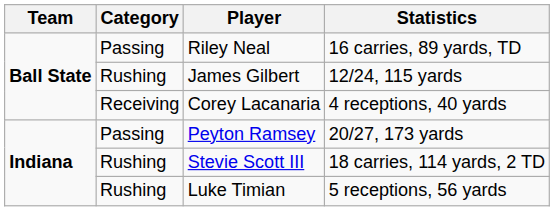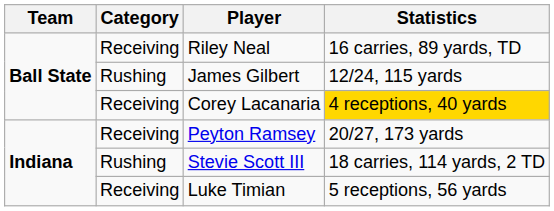 <table class="wikitable" style="float: right;">
 <tr>
 <th>Team</th>
 <th>Category</th>
 <th>Player</th>
 <th>Statistics</th>
 </tr>
 <tr>
 <td rowspan=3><strong>Ball State</strong></td>
-<td>Passing</td>
+<td>Receiving</td>
 <td>Riley Neal</td>
 <td>16 carries, 89 yards, TD</td>
 </tr>
 <tr>
 <td>Rushing</td>
 <td>James Gilbert</td>
 <td>12/24, 115 yards</td>
 </tr>
 <tr>
 <td>Receiving</td>
 <td>Corey Lacanaria</td>
-<td>4 receptions, 40 yards</td>
+<td style="background: gold;">4 receptions, 40 yards</td>
 </tr>
 <tr>
 <td rowspan=3><strong>Indiana</strong></td>
-<td>Passing</td>
+<td>Receiving</td>
 <td><a href='#'>Peyton Ramsey</a></td>
 <td>20/27, 173 yards</td>
 </tr>
 <tr>
 <td>Rushing</td>
 <td><a href='#'>Stevie Scott III</a></td>
 <td>18 carries, 114 yards, 2 TD</td>
 </tr>
 <tr>
-<td>Rushing</td>
+<td>Receiving</td>
 <td>Luke Timian</td>
 <td>5 receptions, 56 yards</td>
 </tr>
 </table>
